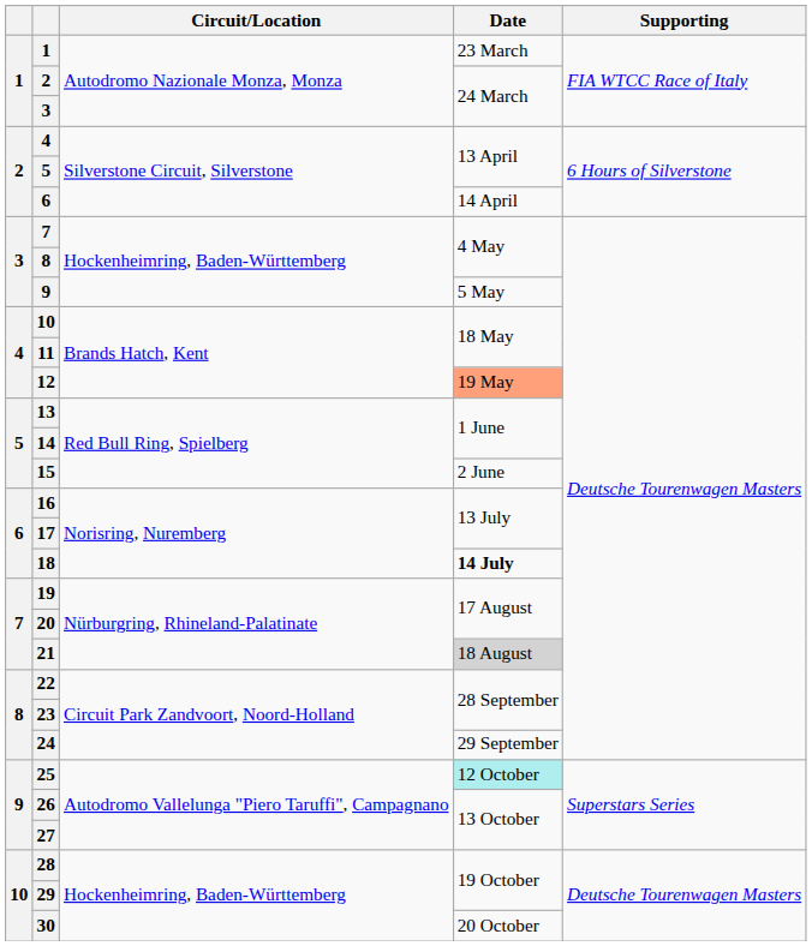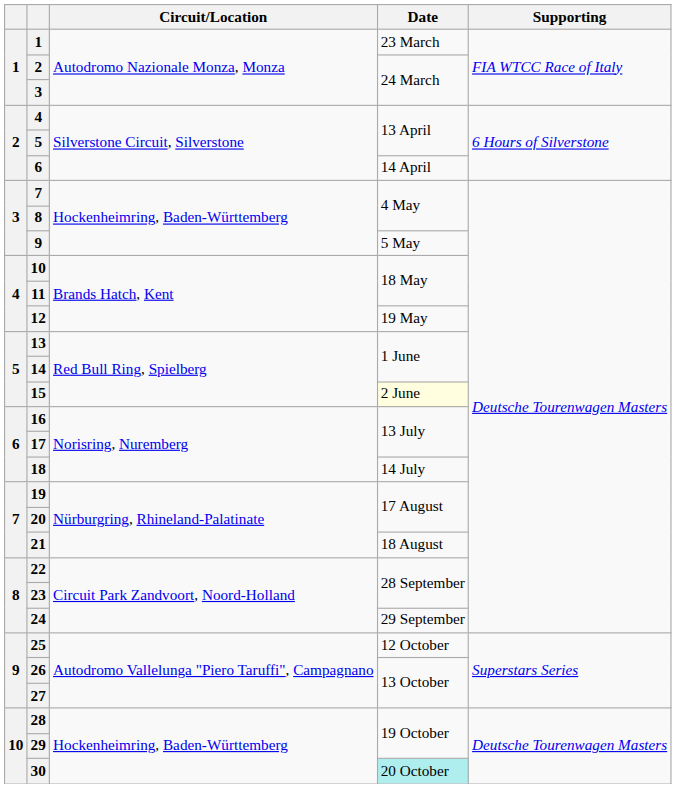 <table class="wikitable" style="font-size: 85%">
 <tr>
 <th></th>
 <th></th>
 <th>Circuit/Location</th>
 <th>Date</th>
 <th>Supporting</th>
 </tr>
 <tr>
 <th rowspan=3>1</th>
 <th>1</th>
 <td rowspan=3> <a href='#'>Autodromo Nazionale Monza</a>, <a href='#'>Monza</a></td>
 <td>23 March</td>
 <td rowspan=3><em><a href='#'>FIA WTCC Race of Italy</a></em></td>
 </tr>
 <tr>
 <th>2</th>
 <td rowspan=2>24 March</td>
 </tr>
 <tr>
 <th>3</th>
 </tr>
 <tr>
 <th rowspan=3>2</th>
 <th>4</th>
 <td rowspan=3> <a href='#'>Silverstone Circuit</a>, <a href='#'>Silverstone</a></td>
 <td rowspan=2>13 April</td>
 <td rowspan=3><em><a href='#'>6 Hours of Silverstone</a></em></td>
 </tr>
 <tr>
 <th>5</th>
 </tr>
 <tr>
 <th>6</th>
 <td>14 April</td>
 </tr>
 <tr>
 <th rowspan=3>3</th>
 <th>7</th>
 <td rowspan=3> <a href='#'>Hockenheimring</a>, <a href='#'>Baden-Württemberg</a></td>
 <td rowspan=2>4 May</td>
 <td rowspan=18><em><a href='#'>Deutsche Tourenwagen Masters</a></em></td>
 </tr>
 <tr>
 <th>8</th>
 </tr>
 <tr>
 <th>9</th>
 <td>5 May</td>
 </tr>
 <tr>
 <th rowspan=3>4</th>
 <th>10</th>
 <td rowspan=3> <a href='#'>Brands Hatch</a>, <a href='#'>Kent</a></td>
 <td rowspan=2>18 May</td>
 </tr>
 <tr>
 <th>11</th>
 </tr>
 <tr>
 <th>12</th>
-<td style="background: lightsalmon;">19 May</td>
+<td>19 May</td>
 </tr>
 <tr>
 <th rowspan=3>5</th>
 <th>13</th>
 <td rowspan=3> <a href='#'>Red Bull Ring</a>, <a href='#'>Spielberg</a></td>
 <td rowspan=2>1 June</td>
 </tr>
 <tr>
 <th>14</th>
 </tr>
 <tr>
 <th>15</th>
-<td>2 June</td>
+<td style="background: lightyellow;">2 June</td>
 </tr>
 <tr>
 <th rowspan=3>6</th>
 <th>16</th>
 <td rowspan=3> <a href='#'>Norisring</a>, <a href='#'>Nuremberg</a></td>
 <td rowspan=2>13 July</td>
 </tr>
 <tr>
 <th>17</th>
 </tr>
 <tr>
 <th>18</th>
-<td><strong>14 July</strong></td>
+<td>14 July</td>
 </tr>
 <tr>
 <th rowspan=3>7</th>
 <th>19</th>
 <td rowspan=3> <a href='#'>Nürburgring</a>, <a href='#'>Rhineland-Palatinate</a></td>
 <td rowspan=2>17 August</td>
 </tr>
 <tr>
 <th>20</th>
 </tr>
 <tr>
 <th>21</th>
-<td style="background: lightgrey;">18 August</td>
+<td>18 August</td>
 </tr>
 <tr>
 <th rowspan=3>8</th>
 <th>22</th>
 <td rowspan=3> <a href='#'>Circuit Park Zandvoort</a>, <a href='#'>Noord-Holland</a></td>
 <td rowspan=2>28 September</td>
 </tr>
 <tr>
 <th>23</th>
 </tr>
 <tr>
 <th>24</th>
 <td>29 September</td>
 </tr>
 <tr>
 <th rowspan=3>9</th>
 <th>25</th>
 <td rowspan=3>  <a href='#'>Autodromo Vallelunga "Piero Taruffi"</a>, <a href='#'>Campagnano</a></td>
-<td style="background: paleturquoise;">12 October</td>
+<td>12 October</td>
 <td rowspan=3><em><a href='#'>Superstars Series</a></em></td>
 </tr>
 <tr>
 <th>26</th>
 <td rowspan=2>13 October</td>
 </tr>
 <tr>
 <th>27</th>
 </tr>
 <tr>
 <th rowspan=3>10</th>
 <th>28</th>
 <td rowspan=3> <a href='#'>Hockenheimring</a>, <a href='#'>Baden-Württemberg</a></td>
 <td rowspan=2>19 October</td>
 <td rowspan=3><em><a href='#'>Deutsche Tourenwagen Masters</a></em></td>
 </tr>
 <tr>
 <th>29</th>
 </tr>
 <tr>
 <th>30</th>
-<td>20 October</td>
+<td style="background: paleturquoise;">20 October</td>
 </tr>
 </table>
